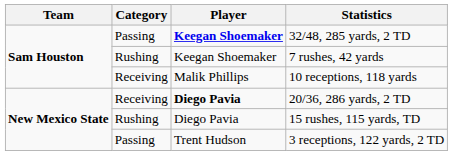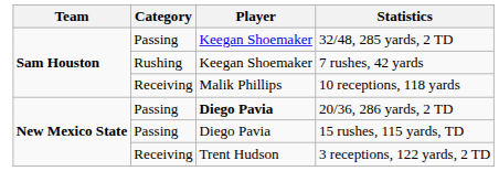 <table class="wikitable" style="float: right;">
 <tr>
 <th>Team</th>
 <th>Category</th>
 <th>Player</th>
 <th>Statistics</th>
 </tr>
 <tr>
 <td rowspan=3><strong>Sam Houston</strong></td>
 <td>Passing</td>
-<td><strong><a href='#'>Keegan Shoemaker</a></strong></td>
+<td><a href='#'>Keegan Shoemaker</a></td>
 <td>32/48, 285 yards, 2 TD</td>
 </tr>
 <tr>
 <td>Rushing</td>
 <td>Keegan Shoemaker</td>
 <td>7 rushes, 42 yards</td>
 </tr>
 <tr>
 <td>Receiving</td>
 <td>Malik Phillips</td>
 <td>10 receptions, 118 yards</td>
 </tr>
 <tr>
 <td rowspan=3><strong>New Mexico State</strong></td>
-<td>Receiving</td>
+<td>Passing</td>
 <td><strong>Diego Pavia</strong></td>
 <td>20/36, 286 yards, 2 TD</td>
 </tr>
 <tr>
-<td>Rushing</td>
+<td>Passing</td>
 <td>Diego Pavia</td>
 <td>15 rushes, 115 yards, TD</td>
 </tr>
 <tr>
-<td>Passing</td>
+<td>Receiving</td>
 <td>Trent Hudson</td>
 <td>3 receptions, 122 yards, 2 TD</td>
 </tr>
 </table>
